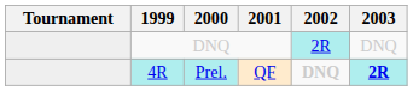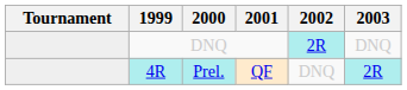 <table class="wikitable" style="width:30%; margin:0">
 <tr>
 <th>Tournament</th>
 <th>1999</th>
 <th>2000</th>
 <th>2001</th>
 <th>2002</th>
 <th>2003</th>
 </tr>
 <tr>
 <td style="background:#efefef;"></td>
 <td colspan="3" style="text-align:center; color:#ccc;">DNQ</td>
 <td style="text-align:center; background:#afeeee;"><a href='#'>2R</a></td>
 <td style="text-align:center; color:#ccc;">DNQ</td>
 </tr>
 <tr>
 <td style="background:#efefef;"></td>
 <td style="text-align:center; background:#afeeee;"><a href='#'>4R</a></td>
 <td style="text-align:center; background:#afeeee;"><a href='#'>Prel.</a></td>
 <td style="text-align:center; background:#ffebcd;"><a href='#'>QF</a></td>
-<td style="text-align:center; color:#ccc;"><strong>DNQ</strong></td>
-<td style="text-align:center; background:#afeeee;"><strong><a href='#'>2R</a></strong></td>
+<td style="text-align:center; color:#ccc;">DNQ</td>
+<td style="text-align:center; background:#afeeee;"><a href='#'>2R</a></td>
 </tr>
 </table>
